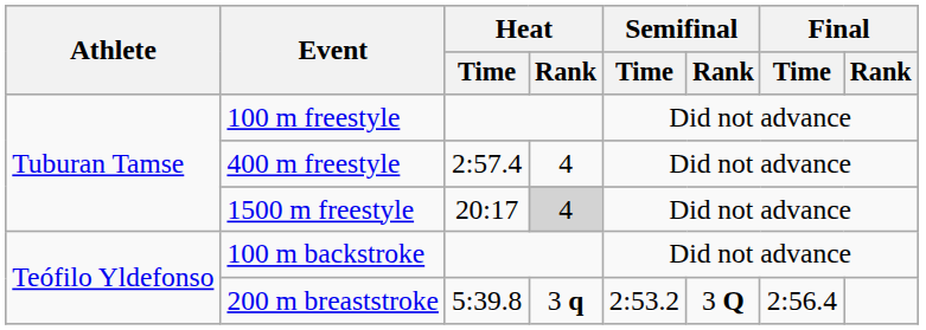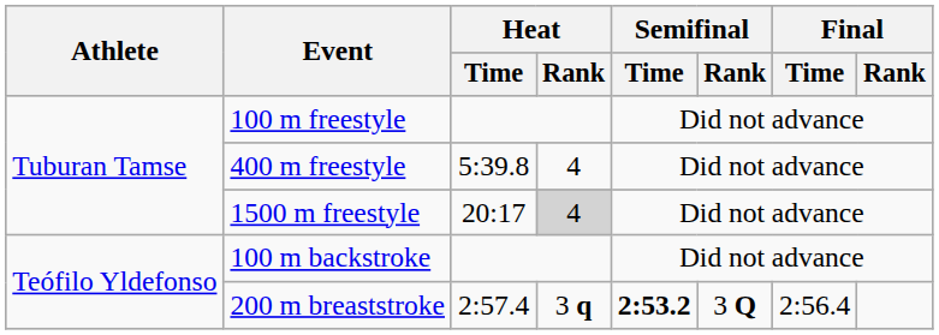 <table class=wikitable style="font-size:90%">
 <tr>
 <th rowspan="2">Athlete</th>
 <th rowspan="2">Event</th>
 <th colspan="2">Heat</th>
 <th colspan="2">Semifinal</th>
 <th colspan="2">Final</th>
 </tr>
 <tr style="font-size:95%">
 <th>Time</th>
 <th>Rank</th>
 <th>Time</th>
 <th>Rank</th>
 <th>Time</th>
 <th>Rank</th>
 </tr>
 <tr align=center>
 <td align=left rowspan=3><a href='#'>Tuburan Tamse</a></td>
 <td align=left><a href='#'>100 m freestyle</a></td>
 <td colspan=2></td>
 <td colspan=4>Did not advance</td>
 </tr>
 <tr align=center>
 <td align=left><a href='#'>400 m freestyle</a></td>
-<td>2:57.4</td>
+<td>5:39.8</td>
 <td>4</td>
 <td colspan=4>Did not advance</td>
 </tr>
 <tr align=center>
 <td align=left><a href='#'>1500 m freestyle</a></td>
 <td>20:17</td>
 <td style="background: lightgrey;">4</td>
 <td colspan=4>Did not advance</td>
 </tr>
 <tr align=center>
 <td align=left rowspan=2><a href='#'>Teófilo Yldefonso</a></td>
 <td align=left><a href='#'>100 m backstroke</a></td>
 <td colspan=2></td>
 <td colspan=4>Did not advance</td>
 </tr>
 <tr align=center>
 <td align=left><a href='#'>200 m breaststroke</a></td>
-<td>5:39.8</td>
+<td>2:57.4</td>
 <td>3 <strong>q</strong></td>
-<td>2:53.2</td>
+<td><strong>2:53.2</strong></td>
 <td>3 <strong>Q</strong></td>
 <td>2:56.4</td>
 <td></td>
 </tr>
 </table>
